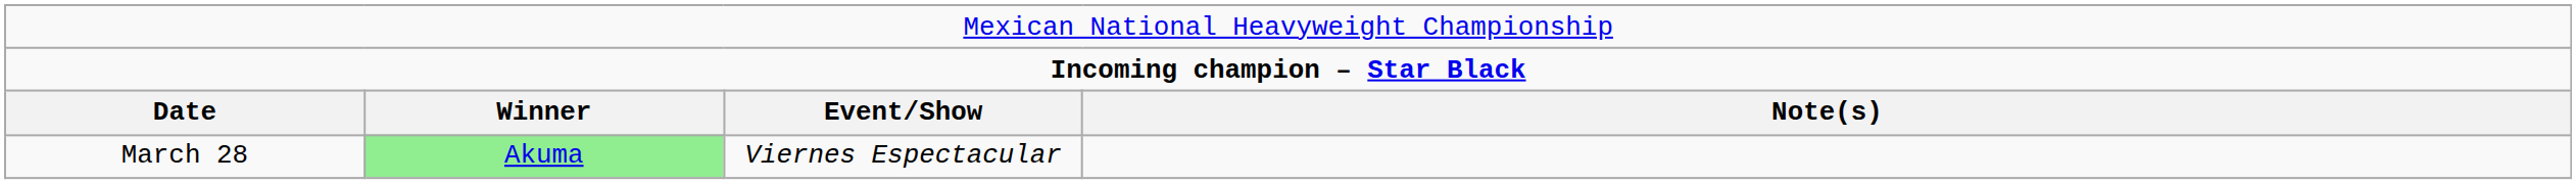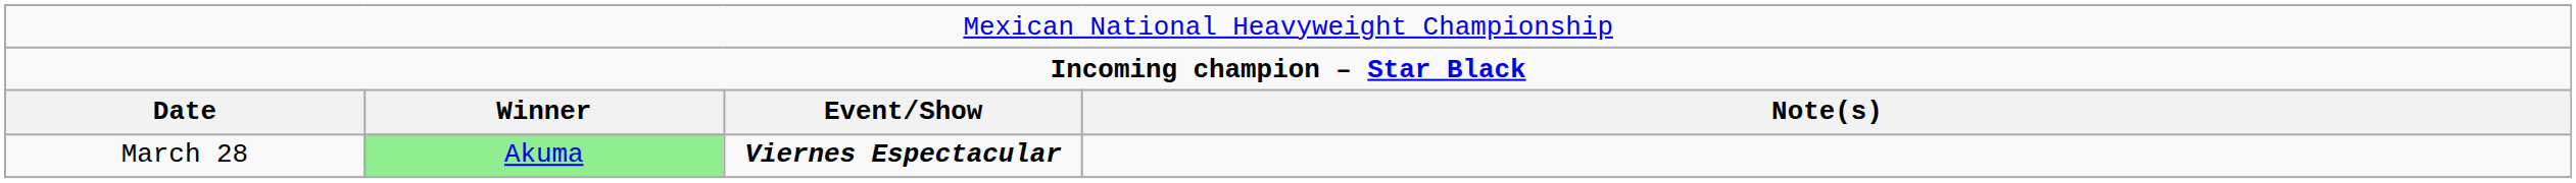 <table class="wikitable" style="text-align:center; width:100%;">
 <tr>
 <td colspan="4" style="text-align: center;"><a href='#'>Mexican National Heavyweight Championship</a></td>
 </tr>
 <tr>
 <td colspan="4" style="text-align: center;"><strong>Incoming champion – <a href='#'>Star Black</a></strong></td>
 </tr>
 <tr>
 <th width=14%>Date</th>
 <th width=14%>Winner</th>
 <th width=14%>Event/Show</th>
 <th width=58%>Note(s)</th>
 </tr>
 <tr>
 <td>March 28</td>
 <td style="background: lightgreen;"><a href='#'>Akuma</a></td>
-<td><em>Viernes Espectacular</em></td>
+<td><strong><em>Viernes Espectacular</em></strong></td>
 <td></td>
 </tr>
 </table>
